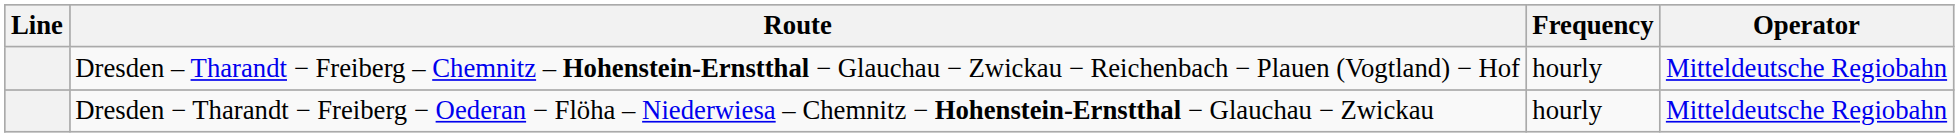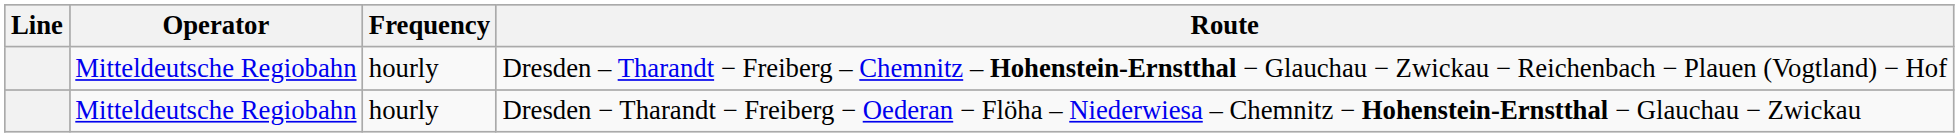 <table class="wikitable">
 <tr>
 <th>Line</th>
+<th>Operator</th>
+<th>Frequency</th>
 <th>Route</th>
-<th>Frequency</th>
-<th>Operator</th>
 </tr>
 <tr>
 <th></th>
+<td><a href='#'>Mitteldeutsche Regiobahn</a></td>
+<td>hourly</td>
 <td>Dresden – <a href='#'>Tharandt</a> − Freiberg – <a href='#'>Chemnitz</a> – <strong>Hohenstein-Ernstthal</strong> − Glauchau − Zwickau − Reichenbach − Plauen (Vogtland) − Hof</td>
-<td>hourly</td>
-<td><a href='#'>Mitteldeutsche Regiobahn</a></td>
 </tr>
 <tr>
 <th></th>
+<td><a href='#'>Mitteldeutsche Regiobahn</a></td>
+<td>hourly</td>
 <td>Dresden − Tharandt − Freiberg − <a href='#'>Oederan</a> − Flöha – <a href='#'>Niederwiesa</a> – Chemnitz − <strong>Hohenstein-Ernstthal</strong> − Glauchau − Zwickau</td>
-<td>hourly</td>
-<td><a href='#'>Mitteldeutsche Regiobahn</a></td>
 </tr>
 </table>
